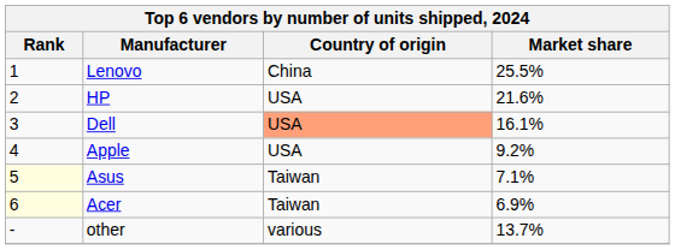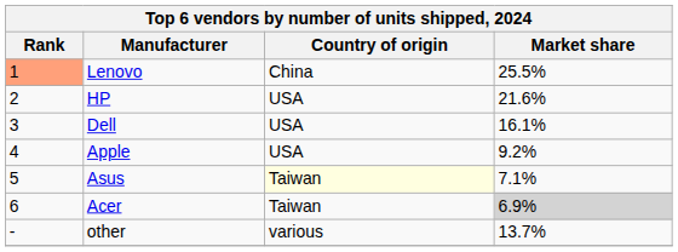 <table class="wikitable" style="width:40%;">
 <tr>
 <th colspan="4">Top 6 vendors by number of units shipped, 2024</th>
 </tr>
 <tr>
 <th>Rank</th>
 <th>Manufacturer</th>
 <th>Country of origin</th>
 <th>Market share</th>
 </tr>
 <tr>
-<td>1</td>
+<td style="background: lightsalmon;">1</td>
 <td><a href='#'>Lenovo</a></td>
 <td>China</td>
 <td>25.5%</td>
 </tr>
 <tr>
 <td>2</td>
 <td><a href='#'>HP</a></td>
 <td>USA</td>
 <td>21.6%</td>
 </tr>
 <tr>
 <td>3</td>
 <td><a href='#'>Dell</a></td>
-<td style="background: lightsalmon;">USA</td>
+<td>USA</td>
 <td>16.1%</td>
 </tr>
 <tr>
 <td>4</td>
 <td><a href='#'>Apple</a></td>
 <td>USA</td>
 <td>9.2%</td>
 </tr>
 <tr>
-<td style="background: lightyellow;">5</td>
+<td>5</td>
 <td><a href='#'>Asus</a></td>
-<td>Taiwan</td>
+<td style="background: lightyellow;">Taiwan</td>
 <td>7.1%</td>
 </tr>
 <tr>
-<td style="background: lightyellow;">6</td>
+<td>6</td>
 <td><a href='#'>Acer</a></td>
 <td>Taiwan</td>
-<td>6.9%</td>
+<td style="background: lightgrey;">6.9%</td>
 </tr>
 <tr>
 <td>-</td>
 <td>other</td>
 <td>various</td>
 <td>13.7%</td>
 </tr>
 <tr>
 </tr>
 </table>
